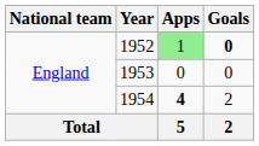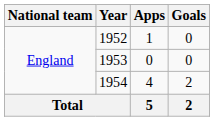 <table class="wikitable" style="text-align:center">
 <tr>
 <th>National team</th>
 <th>Year</th>
 <th>Apps</th>
 <th>Goals</th>
 </tr>
 <tr>
 <td rowspan="3"><a href='#'>England</a></td>
 <td>1952</td>
-<td style="background: lightgreen;">1</td>
-<td><strong>0</strong></td>
+<td>1</td>
+<td>0</td>
 </tr>
 <tr>
 <td>1953</td>
 <td>0</td>
 <td>0</td>
 </tr>
 <tr>
 <td>1954</td>
-<td><strong>4</strong></td>
+<td>4</td>
 <td>2</td>
 </tr>
 <tr>
 <th colspan="2">Total</th>
 <th>5</th>
 <th>2</th>
 </tr>
 </table>
